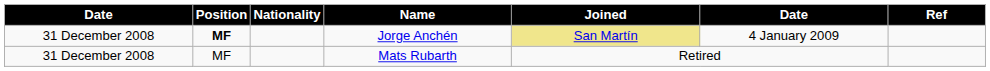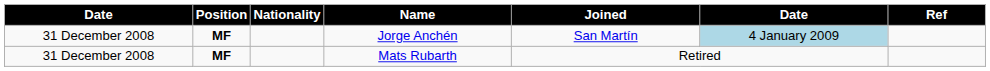 <table class="wikitable"  style="text-align:center; font-size:90%; ">
 <tr>
 <th style="background:#000000; color:white; width:200px;">Date</th>
 <th style="background:#000000; color:white; width:50px;">Position</th>
 <th style="background:#000000; color:white; width:50px;">Nationality</th>
 <th style="background:#000000; color:white; width:200px;">Name</th>
 <th style="background:#000000; color:white; width:200px;">Joined</th>
 <th style="background:#000000; color:white; width:200px;">Date</th>
 <th style="background:#000000; color:white; width:100px;">Ref</th>
 </tr>
 <tr>
 <td>31 December 2008</td>
 <td><strong>MF</strong></td>
 <td></td>
 <td><a href='#'>Jorge Anchén</a></td>
-<td style="background: khaki;"><a href='#'>San Martín</a></td>
-<td>4 January 2009</td>
+<td><a href='#'>San Martín</a></td>
+<td style="background: lightblue;">4 January 2009</td>
 <td></td>
 </tr>
 <tr>
 <td>31 December 2008</td>
-<td>MF</td>
+<td><strong>MF</strong></td>
 <td></td>
 <td><a href='#'>Mats Rubarth</a></td>
 <td colspan="2">Retired</td>
 <td></td>
 </tr>
 </table>
